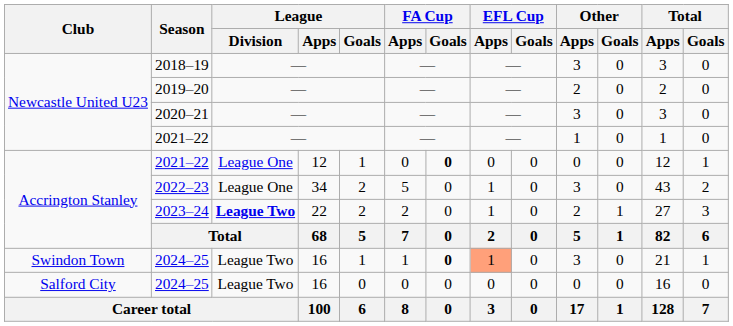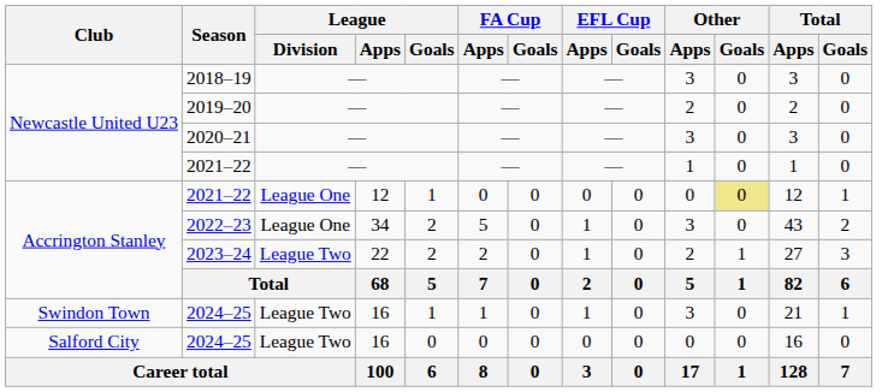 <table class=wikitable style="text-align: center">
 <tr>
 <th rowspan=2>Club</th>
 <th rowspan=2>Season</th>
 <th colspan=3>League</th>
 <th colspan=2><a href='#'>FA Cup</a></th>
 <th colspan=2><a href='#'>EFL Cup</a></th>
 <th colspan=2>Other</th>
 <th colspan=2>Total</th>
 </tr>
 <tr>
 <th>Division</th>
 <th>Apps</th>
 <th>Goals</th>
 <th>Apps</th>
 <th>Goals</th>
 <th>Apps</th>
 <th>Goals</th>
 <th>Apps</th>
 <th>Goals</th>
 <th>Apps</th>
 <th>Goals</th>
 </tr>
 <tr>
 <td rowspan=4><a href='#'>Newcastle United U23</a></td>
 <td>2018–19</td>
 <td colspan=3>—</td>
 <td colspan=2>—</td>
 <td colspan=2>—</td>
 <td>3</td>
 <td>0</td>
 <td>3</td>
 <td>0</td>
 </tr>
 <tr>
 <td>2019–20</td>
 <td colspan=3>—</td>
 <td colspan=2>—</td>
 <td colspan=2>—</td>
 <td>2</td>
 <td>0</td>
 <td>2</td>
 <td>0</td>
 </tr>
 <tr>
 <td>2020–21</td>
 <td colspan=3>—</td>
 <td colspan=2>—</td>
 <td colspan=2>—</td>
 <td>3</td>
 <td>0</td>
 <td>3</td>
 <td>0</td>
 </tr>
 <tr>
 <td>2021–22</td>
 <td colspan=3>—</td>
 <td colspan=2>—</td>
 <td colspan=2>—</td>
 <td>1</td>
 <td>0</td>
 <td>1</td>
 <td>0</td>
 </tr>
 <tr>
 <td rowspan=4><a href='#'>Accrington Stanley</a></td>
 <td><a href='#'>2021–22</a></td>
 <td><a href='#'>League One</a></td>
 <td>12</td>
 <td>1</td>
 <td>0</td>
-<td><strong>0</strong></td>
 <td>0</td>
 <td>0</td>
 <td>0</td>
 <td>0</td>
+<td style="background: khaki;">0</td>
 <td>12</td>
 <td>1</td>
 </tr>
 <tr>
 <td><a href='#'>2022–23</a></td>
 <td>League One</td>
 <td>34</td>
 <td>2</td>
 <td>5</td>
 <td>0</td>
 <td>1</td>
 <td>0</td>
 <td>3</td>
 <td>0</td>
 <td>43</td>
 <td>2</td>
 </tr>
 <tr>
 <td><a href='#'>2023–24</a></td>
-<td><strong><a href='#'>League Two</a></strong></td>
+<td><a href='#'>League Two</a></td>
 <td>22</td>
 <td>2</td>
 <td>2</td>
 <td>0</td>
 <td>1</td>
 <td>0</td>
 <td>2</td>
 <td>1</td>
 <td>27</td>
 <td>3</td>
 </tr>
 <tr>
 <th colspan="2">Total</th>
 <th>68</th>
 <th>5</th>
 <th>7</th>
 <th>0</th>
 <th>2</th>
 <th>0</th>
 <th>5</th>
 <th>1</th>
 <th>82</th>
 <th>6</th>
 </tr>
 <tr>
 <td><a href='#'>Swindon Town</a></td>
 <td><a href='#'>2024–25</a></td>
 <td>League Two</td>
 <td>16</td>
 <td>1</td>
 <td>1</td>
-<td><strong>0</strong></td>
-<td style="background: lightsalmon;">1</td>
+<td>0</td>
+<td>1</td>
 <td>0</td>
 <td>3</td>
 <td>0</td>
 <td>21</td>
 <td>1</td>
 </tr>
 <tr>
 <td><a href='#'>Salford City</a></td>
 <td><a href='#'>2024–25</a></td>
 <td>League Two</td>
 <td>16</td>
 <td>0</td>
 <td>0</td>
 <td>0</td>
 <td>0</td>
 <td>0</td>
 <td>0</td>
 <td>0</td>
 <td>16</td>
 <td>0</td>
 </tr>
 <tr>
 <th colspan=3>Career total</th>
 <th>100</th>
 <th>6</th>
 <th>8</th>
 <th>0</th>
 <th>3</th>
 <th>0</th>
 <th>17</th>
 <th>1</th>
 <th>128</th>
 <th>7</th>
 </tr>
 </table>
